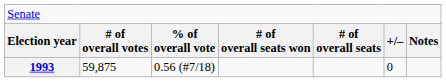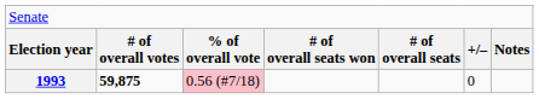 <table class=wikitable>
 <tr>
 <td colspan=7><a href='#'>Senate</a></td>
 </tr>
 <tr>
 <th>Election year</th>
 <th># of<br>overall votes</th>
 <th>% of<br>overall vote</th>
 <th># of<br>overall seats won</th>
 <th># of<br>overall seats</th>
 <th>+/–</th>
 <th>Notes</th>
 </tr>
 <tr>
 <th><a href='#'>1993</a></th>
-<td>59,875</td>
-<td>0.56 (#7/18)</td>
+<td><strong>59,875</strong></td>
+<td style="background: pink;">0.56 (#7/18)</td>
 <td></td>
 <td></td>
 <td> 0</td>
 <td></td>
 </tr>
 </table>
